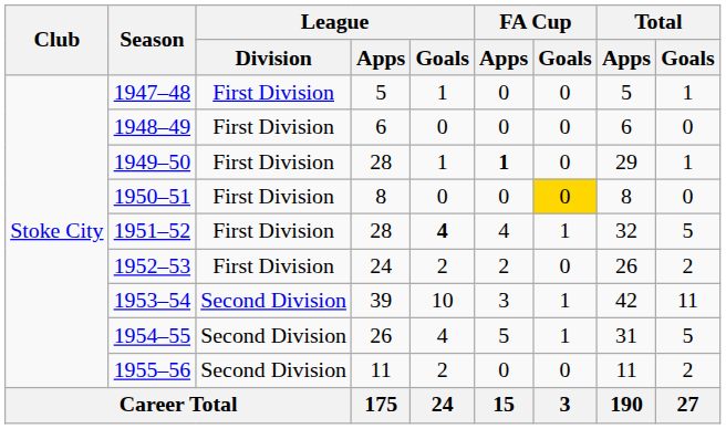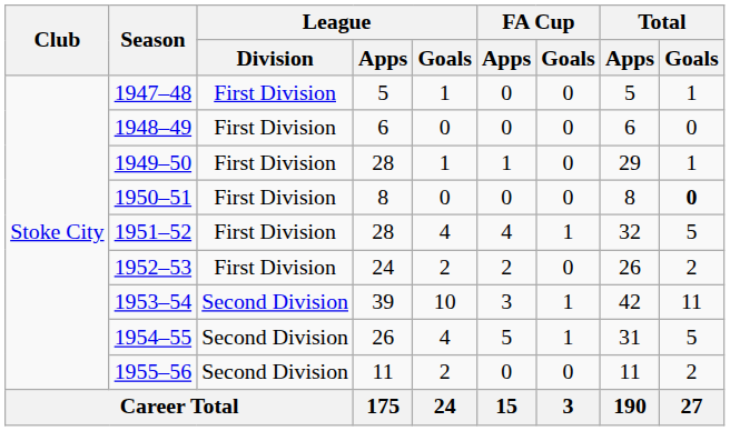 <table class="wikitable" style="text-align: center;">
 <tr>
 <th rowspan="2">Club</th>
 <th rowspan="2">Season</th>
 <th colspan="3">League</th>
 <th colspan="2">FA Cup</th>
 <th colspan="2">Total</th>
 </tr>
 <tr>
 <th>Division</th>
 <th>Apps</th>
 <th>Goals</th>
 <th>Apps</th>
 <th>Goals</th>
 <th>Apps</th>
 <th>Goals</th>
 </tr>
 <tr>
 <td rowspan="9"><a href='#'>Stoke City</a></td>
 <td><a href='#'>1947–48</a></td>
 <td><a href='#'>First Division</a></td>
 <td>5</td>
 <td>1</td>
 <td>0</td>
 <td>0</td>
 <td>5</td>
 <td>1</td>
 </tr>
 <tr>
 <td><a href='#'>1948–49</a></td>
 <td>First Division</td>
 <td>6</td>
 <td>0</td>
 <td>0</td>
 <td>0</td>
 <td>6</td>
 <td>0</td>
 </tr>
 <tr>
 <td><a href='#'>1949–50</a></td>
 <td>First Division</td>
 <td>28</td>
 <td>1</td>
-<td><strong>1</strong></td>
+<td>1</td>
 <td>0</td>
 <td>29</td>
 <td>1</td>
 </tr>
 <tr>
 <td><a href='#'>1950–51</a></td>
 <td>First Division</td>
 <td>8</td>
 <td>0</td>
 <td>0</td>
-<td style="background: gold;">0</td>
+<td>0</td>
 <td>8</td>
-<td>0</td>
+<td><strong>0</strong></td>
 </tr>
 <tr>
 <td><a href='#'>1951–52</a></td>
 <td>First Division</td>
 <td>28</td>
-<td><strong>4</strong></td>
+<td>4</td>
 <td>4</td>
 <td>1</td>
 <td>32</td>
 <td>5</td>
 </tr>
 <tr>
 <td><a href='#'>1952–53</a></td>
 <td>First Division</td>
 <td>24</td>
 <td>2</td>
 <td>2</td>
 <td>0</td>
 <td>26</td>
 <td>2</td>
 </tr>
 <tr>
 <td><a href='#'>1953–54</a></td>
 <td><a href='#'>Second Division</a></td>
 <td>39</td>
 <td>10</td>
 <td>3</td>
 <td>1</td>
 <td>42</td>
 <td>11</td>
 </tr>
 <tr>
 <td><a href='#'>1954–55</a></td>
 <td>Second Division</td>
 <td>26</td>
 <td>4</td>
 <td>5</td>
 <td>1</td>
 <td>31</td>
 <td>5</td>
 </tr>
 <tr>
 <td><a href='#'>1955–56</a></td>
 <td>Second Division</td>
 <td>11</td>
 <td>2</td>
 <td>0</td>
 <td>0</td>
 <td>11</td>
 <td>2</td>
 </tr>
 <tr>
 <th colspan="3">Career Total</th>
 <th>175</th>
 <th>24</th>
 <th>15</th>
 <th>3</th>
 <th>190</th>
 <th>27</th>
 </tr>
 </table>
